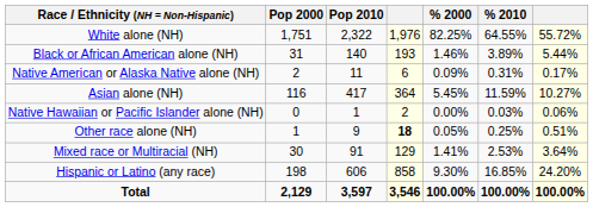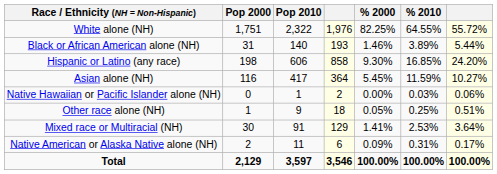 <table class="wikitable" style="text-align:center;">
 <tr>
 <th>Race / Ethnicity <small>(<em>NH = Non-Hispanic</em>)</small></th>
 <th>Pop 2000</th>
 <th>Pop 2010</th>
 <th></th>
 <th>% 2000</th>
 <th>% 2010</th>
 <th></th>
 </tr>
 <tr>
 <td><a href='#'>White</a> alone (NH)</td>
 <td>1,751</td>
 <td>2,322</td>
 <td style='background: #ffffe6;'>1,976</td>
 <td>82.25%</td>
 <td>64.55%</td>
 <td style='background: #ffffe6;'>55.72%</td>
 </tr>
 <tr>
 <td><a href='#'>Black or African American</a> alone (NH)</td>
 <td>31</td>
 <td>140</td>
 <td style='background: #ffffe6;'>193</td>
 <td>1.46%</td>
 <td>3.89%</td>
 <td style='background: #ffffe6;'>5.44%</td>
 </tr>
 <tr>
-<td><a href='#'>Native American</a> or <a href='#'>Alaska Native</a> alone (NH)</td>
-<td>2</td>
-<td>11</td>
-<td style='background: #ffffe6;'>6</td>
-<td>0.09%</td>
-<td>0.31%</td>
-<td style='background: #ffffe6;'>0.17%</td>
+<td><a href='#'>Hispanic or Latino</a> (any race)</td>
+<td>198</td>
+<td>606</td>
+<td style='background: #ffffe6;'>858</td>
+<td>9.30%</td>
+<td>16.85%</td>
+<td style='background: #ffffe6;'>24.20%</td>
 </tr>
 <tr>
 <td><a href='#'>Asian</a> alone (NH)</td>
 <td>116</td>
 <td>417</td>
 <td style='background: #ffffe6;'>364</td>
 <td>5.45%</td>
 <td>11.59%</td>
 <td style='background: #ffffe6;'>10.27%</td>
 </tr>
 <tr>
 <td><a href='#'>Native Hawaiian</a> or <a href='#'>Pacific Islander</a> alone (NH)</td>
 <td>0</td>
 <td>1</td>
 <td style='background: #ffffe6;'>2</td>
 <td>0.00%</td>
 <td>0.03%</td>
 <td style='background: #ffffe6;'>0.06%</td>
 </tr>
 <tr>
 <td><a href='#'>Other race</a> alone (NH)</td>
 <td>1</td>
 <td>9</td>
-<td style='background: #ffffe6;'><strong>18</strong></td>
+<td style='background: #ffffe6;'>18</td>
 <td>0.05%</td>
 <td>0.25%</td>
 <td style='background: #ffffe6;'>0.51%</td>
 </tr>
 <tr>
 <td><a href='#'>Mixed race or Multiracial</a> (NH)</td>
 <td>30</td>
 <td>91</td>
 <td style='background: #ffffe6;'>129</td>
 <td>1.41%</td>
 <td>2.53%</td>
 <td style='background: #ffffe6;'>3.64%</td>
 </tr>
 <tr>
-<td><a href='#'>Hispanic or Latino</a> (any race)</td>
-<td>198</td>
-<td>606</td>
-<td style='background: #ffffe6;'>858</td>
-<td>9.30%</td>
-<td>16.85%</td>
-<td style='background: #ffffe6;'>24.20%</td>
+<td><a href='#'>Native American</a> or <a href='#'>Alaska Native</a> alone (NH)</td>
+<td>2</td>
+<td>11</td>
+<td style='background: #ffffe6;'>6</td>
+<td>0.09%</td>
+<td>0.31%</td>
+<td style='background: #ffffe6;'>0.17%</td>
 </tr>
 <tr>
 <td><strong>Total</strong></td>
 <td><strong>2,129</strong></td>
 <td><strong>3,597</strong></td>
 <td style='background: #ffffe6;'><strong>3,546</strong></td>
 <td><strong>100.00%</strong></td>
 <td><strong>100.00%</strong></td>
 <td style='background: #ffffe6;'><strong>100.00%</strong></td>
 </tr>
 </table>
